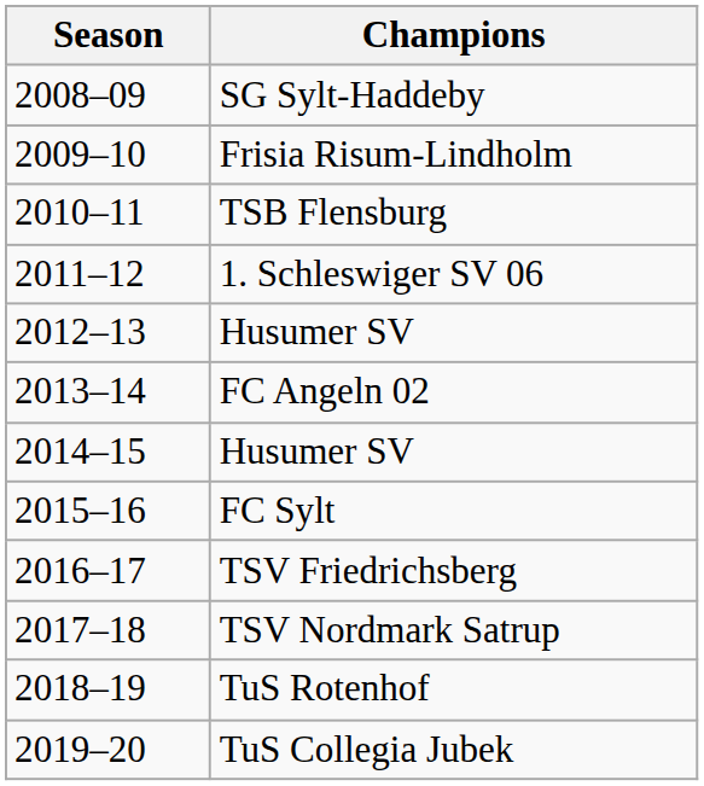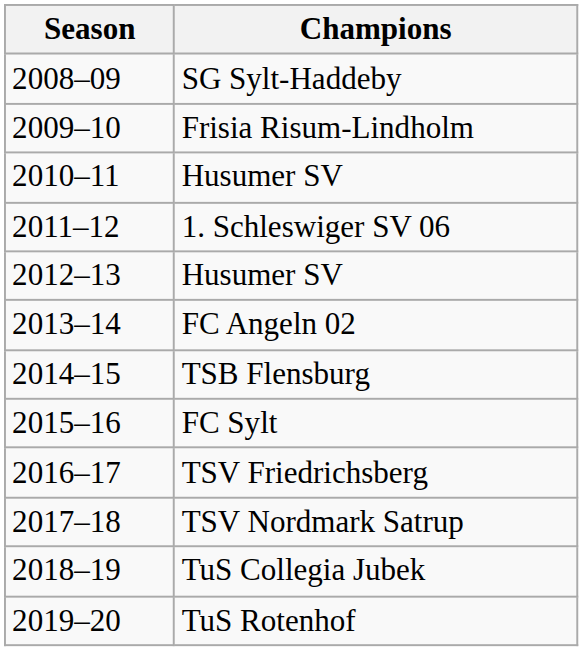 <table class="wikitable">
 <tr align="center" bgcolor="#dfdfdf">
 <th width="80">Season</th>
 <th width="200">Champions</th>
 </tr>
 <tr>
 <td>2008–09</td>
 <td>SG Sylt-Haddeby</td>
 </tr>
 <tr>
 <td>2009–10</td>
 <td>Frisia Risum-Lindholm</td>
 </tr>
 <tr>
 <td>2010–11</td>
-<td>TSB Flensburg</td>
+<td>Husumer SV</td>
 </tr>
 <tr>
 <td>2011–12</td>
 <td>1. Schleswiger SV 06</td>
 </tr>
 <tr>
 <td>2012–13</td>
 <td>Husumer SV</td>
 </tr>
 <tr>
 <td>2013–14</td>
 <td>FC Angeln 02</td>
 </tr>
 <tr>
 <td>2014–15</td>
-<td>Husumer SV</td>
+<td>TSB Flensburg</td>
 </tr>
 <tr>
 <td>2015–16</td>
 <td>FC Sylt</td>
 </tr>
 <tr>
 <td>2016–17</td>
 <td>TSV Friedrichsberg</td>
 </tr>
 <tr>
 <td>2017–18</td>
 <td>TSV Nordmark Satrup</td>
 </tr>
 <tr>
 <td>2018–19</td>
-<td>TuS Rotenhof</td>
+<td>TuS Collegia Jubek</td>
 </tr>
 <tr>
 <td>2019–20</td>
-<td>TuS Collegia Jubek</td>
+<td>TuS Rotenhof</td>
 </tr>
 </table>
